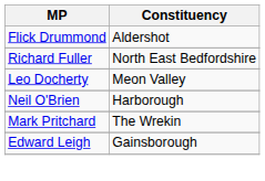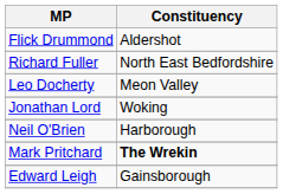 <table class="wikitable" style="display: inline-table;">
 <tr>
 <th>MP</th>
 <th>Constituency</th>
 </tr>
 <tr>
 <td><a href='#'>Flick Drummond</a></td>
 <td>Aldershot</td>
 </tr>
 <tr>
 </tr>
 <tr>
 <td><a href='#'>Richard Fuller</a></td>
 <td>North East Bedfordshire</td>
 </tr>
 <tr>
 </tr>
 <tr>
 <td><a href='#'>Leo Docherty</a></td>
 <td>Meon Valley</td>
 </tr>
 <tr>
 </tr>
 <tr>
+<td><a href='#'>Jonathan Lord</a></td>
+<td>Woking</td>
+</tr>
+<tr>
 </tr>
 <tr>
 <td><a href='#'>Neil O'Brien</a></td>
 <td>Harborough</td>
 </tr>
 <tr>
 </tr>
 <tr>
 <td><a href='#'>Mark Pritchard</a></td>
-<td>The Wrekin</td>
+<td><strong>The Wrekin</strong></td>
 </tr>
 <tr>
 </tr>
 <tr>
 <td><a href='#'>Edward Leigh</a></td>
 <td>Gainsborough</td>
 </tr>
 <tr>
 </tr>
 </table>
